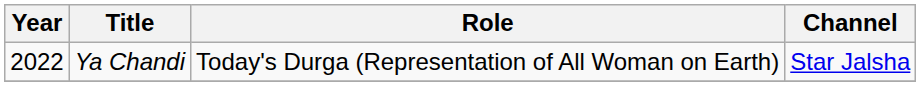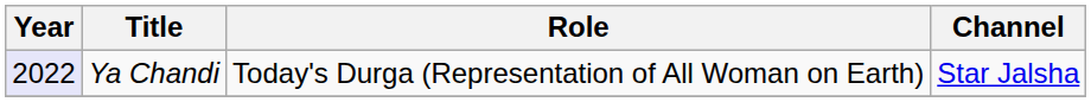 <table class="wikitable sortable">
 <tr>
 <th>Year</th>
 <th>Title</th>
 <th>Role</th>
 <th>Channel</th>
 </tr>
 <tr>
-<td>2022</td>
+<td style="background: lavender;">2022</td>
 <td><em>Ya Chandi</em></td>
 <td>Today's Durga (Representation of All Woman on Earth)</td>
 <td><a href='#'>Star Jalsha</a></td>
 </tr>
 <tr>
 </tr>
 </table>
